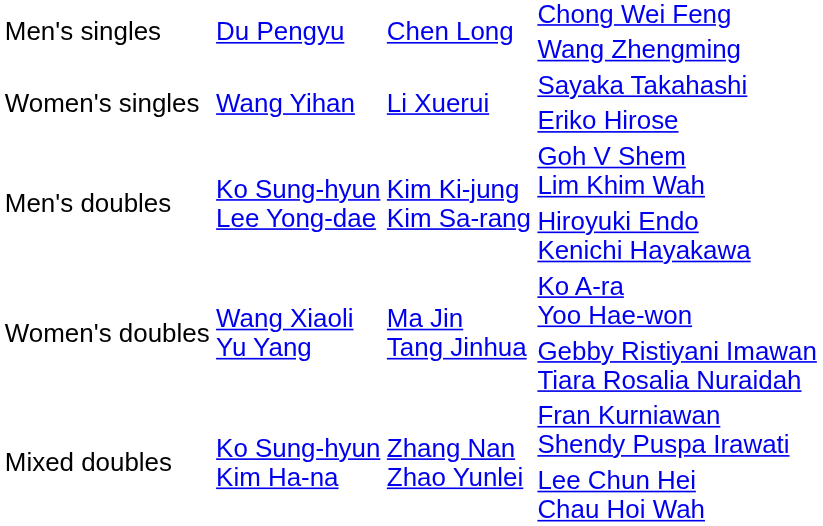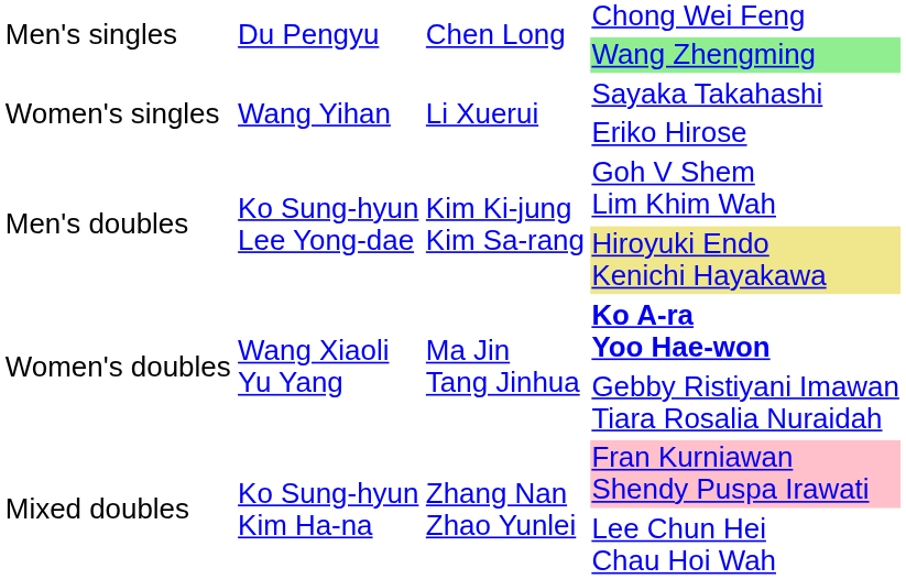 <table>
 <tr>
 <td rowspan=2>Men's singles</td>
 <td rowspan=2> <a href='#'>Du Pengyu</a></td>
 <td rowspan=2> <a href='#'>Chen Long</a></td>
 <td> <a href='#'>Chong Wei Feng</a></td>
 </tr>
 <tr>
-<td> <a href='#'>Wang Zhengming</a></td>
+<td style="background: lightgreen;"> <a href='#'>Wang Zhengming</a></td>
 </tr>
 <tr>
 <td rowspan=2>Women's singles</td>
 <td rowspan=2> <a href='#'>Wang Yihan</a></td>
 <td rowspan=2> <a href='#'>Li Xuerui</a></td>
 <td> <a href='#'>Sayaka Takahashi</a></td>
 </tr>
 <tr>
 <td> <a href='#'>Eriko Hirose</a></td>
 </tr>
 <tr>
 <td rowspan=2>Men's doubles</td>
 <td rowspan=2> <a href='#'>Ko Sung-hyun</a><br> <a href='#'>Lee Yong-dae</a></td>
 <td rowspan=2> <a href='#'>Kim Ki-jung</a><br> <a href='#'>Kim Sa-rang</a></td>
 <td> <a href='#'>Goh V Shem</a><br> <a href='#'>Lim Khim Wah</a></td>
 </tr>
 <tr>
-<td> <a href='#'>Hiroyuki Endo</a><br> <a href='#'>Kenichi Hayakawa</a></td>
+<td style="background: khaki;"> <a href='#'>Hiroyuki Endo</a><br> <a href='#'>Kenichi Hayakawa</a></td>
 </tr>
 <tr>
 <td rowspan=2>Women's doubles</td>
 <td rowspan=2> <a href='#'>Wang Xiaoli</a><br> <a href='#'>Yu Yang</a></td>
 <td rowspan=2> <a href='#'>Ma Jin</a><br> <a href='#'>Tang Jinhua</a></td>
-<td> <a href='#'>Ko A-ra</a> <br> <a href='#'>Yoo Hae-won</a></td>
+<td><strong> <a href='#'>Ko A-ra</a> <br> <a href='#'>Yoo Hae-won</a></strong></td>
 </tr>
 <tr>
 <td> <a href='#'>Gebby Ristiyani Imawan</a><br> <a href='#'>Tiara Rosalia Nuraidah</a></td>
 </tr>
 <tr>
 <td rowspan=2>Mixed doubles</td>
 <td rowspan=2> <a href='#'>Ko Sung-hyun</a><br> <a href='#'>Kim Ha-na</a></td>
 <td rowspan=2> <a href='#'>Zhang Nan</a><br> <a href='#'>Zhao Yunlei</a></td>
-<td> <a href='#'>Fran Kurniawan</a><br> <a href='#'>Shendy Puspa Irawati</a></td>
+<td style="background: pink;"> <a href='#'>Fran Kurniawan</a><br> <a href='#'>Shendy Puspa Irawati</a></td>
 </tr>
 <tr>
 <td> <a href='#'>Lee Chun Hei</a><br> <a href='#'>Chau Hoi Wah</a></td>
 </tr>
 </table>
